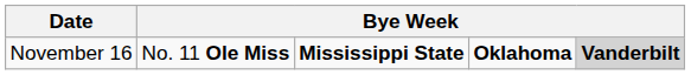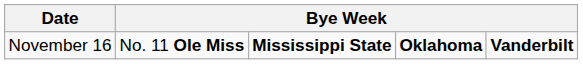 <table class="wikitable" style="font-size:95%;">
 <tr>
 <th>Date</th>
 <th colspan="4">Bye Week</th>
 </tr>
 <tr>
 <td>November 16</td>
 <td>No. 11 <strong>Ole Miss</strong></td>
 <td><strong>Mississippi State</strong></td>
 <td><strong>Oklahoma</strong></td>
-<td style="background: lightgrey;"><strong>Vanderbilt</strong></td>
+<td><strong>Vanderbilt</strong></td>
 </tr>
 </table>
